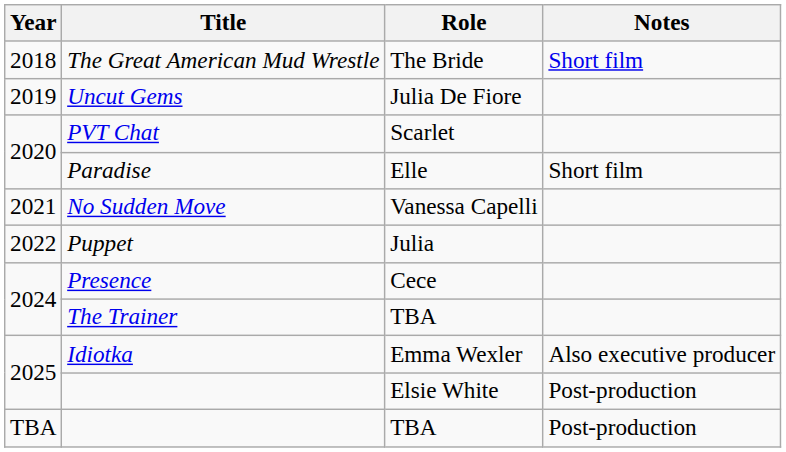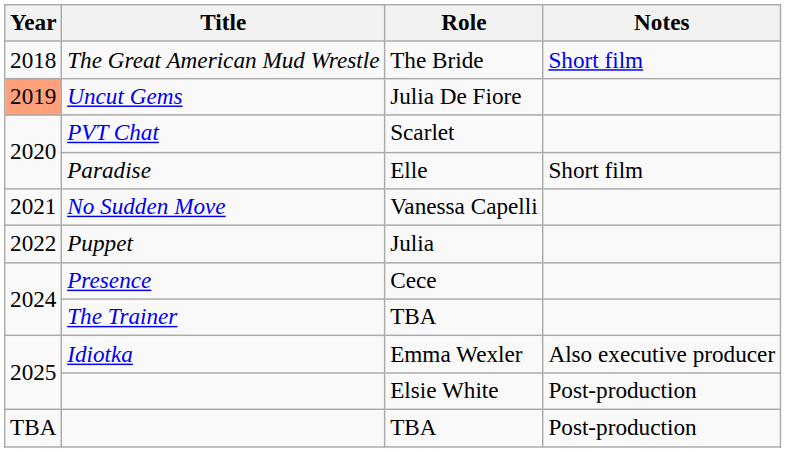 <table class="wikitable sortable">
 <tr>
 <th>Year</th>
 <th>Title</th>
 <th>Role</th>
 <th class="unsortable">Notes</th>
 </tr>
 <tr>
 <td>2018</td>
 <td><em>The Great American Mud Wrestle</em></td>
 <td>The Bride</td>
 <td><a href='#'>Short film</a></td>
 </tr>
 <tr>
-<td>2019</td>
+<td style="background: lightsalmon;">2019</td>
 <td><em><a href='#'>Uncut Gems</a></em></td>
 <td>Julia De Fiore</td>
 <td></td>
 </tr>
 <tr>
 <td rowspan="2">2020</td>
 <td><em><a href='#'>PVT Chat</a></em></td>
 <td>Scarlet</td>
 <td></td>
 </tr>
 <tr>
 <td><em>Paradise</em></td>
 <td>Elle</td>
 <td>Short film</td>
 </tr>
 <tr>
 <td>2021</td>
 <td><em><a href='#'>No Sudden Move</a></em></td>
 <td>Vanessa Capelli</td>
 <td></td>
 </tr>
 <tr>
 <td>2022</td>
 <td><em>Puppet</em></td>
 <td>Julia</td>
 <td></td>
 </tr>
 <tr>
 <td rowspan="2">2024</td>
 <td><em><a href='#'>Presence</a></em></td>
 <td>Cece</td>
 <td></td>
 </tr>
 <tr>
 <td><em><a href='#'>The Trainer</a></em></td>
 <td>TBA</td>
 <td></td>
 </tr>
 <tr>
 <td rowspan="2">2025</td>
 <td><em><a href='#'>Idiotka</a></em></td>
 <td>Emma Wexler</td>
 <td>Also executive producer</td>
 </tr>
 <tr>
 <td></td>
 <td>Elsie White</td>
 <td>Post-production</td>
 </tr>
 <tr>
 <td rowspan=1>TBA</td>
 <td></td>
 <td>TBA</td>
 <td>Post-production</td>
 </tr>
 </table>
